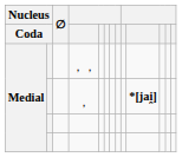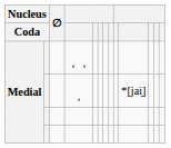 <table class="wikitable" style="text-align:center;">
 <tr>
 <th colspan="2">Nucleus</th>
 <th rowspan="2">∅</th>
 <th colspan="5"></th>
 <th colspan="5"></th>
 </tr>
 <tr>
 <th colspan="2">Coda</th>
 <th></th>
 <th></th>
 <th></th>
 <th></th>
 <th></th>
 <th></th>
 <th></th>
 <th></th>
 <th></th>
 <th></th>
 </tr>
 <tr>
 <th rowspan="4">Medial</th>
 <th></th>
 <td><br></td>
 <td><br>，，</td>
 <td><br></td>
 <td><br></td>
 <td><br></td>
 <td><br></td>
 <td><br></td>
 <td><br></td>
 <td><br></td>
 <td><br></td>
 <td><br></td>
 </tr>
 <tr>
 <th></th>
 <td><br></td>
 <td><br>，</td>
 <td></td>
 <td><br></td>
 <td><br></td>
 <td><br></td>
 <td><br></td>
-<td><strong>*[jai̯]<br></strong></td>
+<td>*[jai̯]<br></td>
 <td><br></td>
 <td><br></td>
 <td><br></td>
 </tr>
 <tr>
 <th></th>
 <td><br></td>
 <td><br></td>
 <td><br></td>
 <td></td>
 <td><br></td>
 <td> <br></td>
 <td><br></td>
 <td><br></td>
 <td></td>
 <td><br></td>
 <td><br></td>
 </tr>
 <tr>
 <th></th>
 <td><br></td>
 <td><br></td>
 <td></td>
 <td></td>
 <td><br></td>
 <td><br></td>
 <td></td>
 <td></td>
 <td></td>
 <td><br></td>
 <td></td>
 </tr>
 </table>
